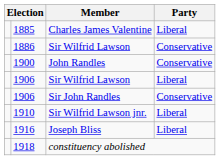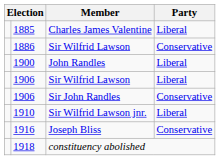 <table class="wikitable">
 <tr>
 <th colspan="2">Election</th>
 <th>Member</th>
 <th>Party</th>
 </tr>
 <tr>
 <td style="color:inherit;background-color: "></td>
 <td><a href='#'>1885</a></td>
 <td><a href='#'>Charles James Valentine</a></td>
 <td><a href='#'>Liberal</a></td>
 </tr>
 <tr>
 <td style="color:inherit;background-color: "></td>
 <td><a href='#'>1886</a></td>
 <td><a href='#'>Sir Wilfrid Lawson</a></td>
 <td><a href='#'>Conservative</a></td>
 </tr>
 <tr>
 <td style="color:inherit;background-color: "></td>
 <td><a href='#'>1900</a></td>
 <td><a href='#'>John Randles</a></td>
-<td><a href='#'>Conservative</a></td>
+<td><a href='#'>Liberal</a></td>
 </tr>
 <tr>
 <td style="color:inherit;background-color: "></td>
 <td><a href='#'>1906</a></td>
 <td><a href='#'>Sir Wilfrid Lawson</a></td>
 <td><a href='#'>Liberal</a></td>
 </tr>
 <tr>
 <td style="color:inherit;background-color: "></td>
 <td><a href='#'>1906</a></td>
 <td><a href='#'>Sir John Randles</a></td>
 <td><a href='#'>Conservative</a></td>
 </tr>
 <tr>
 <td style="color:inherit;background-color: "></td>
 <td><a href='#'>1910</a></td>
 <td><a href='#'>Sir Wilfrid Lawson jnr.</a></td>
 <td><a href='#'>Liberal</a></td>
 </tr>
 <tr>
 <td style="color:inherit;background-color: "></td>
 <td><a href='#'>1916</a></td>
 <td><a href='#'>Joseph Bliss</a></td>
-<td><a href='#'>Liberal</a></td>
+<td><a href='#'>Conservative</a></td>
 </tr>
 <tr>
 <td></td>
 <td><a href='#'>1918</a></td>
 <td colspan="2"><em>constituency abolished</em></td>
 </tr>
 </table>
